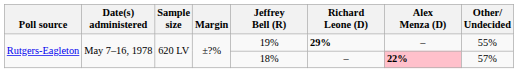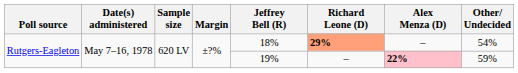 <table class="wikitable" style="font-size:90%">
 <tr valign=bottom>
 <th>Poll source</th>
 <th>Date(s)<br>administered</th>
 <th>Sample<br>size</th>
 <th>Margin<br></th>
 <th style="width:100px;">Jeffrey<br>Bell (R)</th>
 <th style="width:100px;">Richard<br>Leone (D)</th>
 <th style="width:100px;">Alex<br>Menza (D)</th>
 <th>Other/<br>Undecided</th>
 </tr>
 <tr>
 <td rowspan="3"><a href='#'>Rutgers-Eagleton</a></td>
 <td align=center rowspan="3">May 7–16, 1978</td>
 <td align=center rowspan="3">620 LV</td>
 <td align=center rowspan="3">±?%</td>
-<td align=center>19%</td>
-<td><strong>29%</strong></td>
+<td align=center>18%</td>
+<td style="background: lightsalmon;"><strong>29%</strong></td>
 <td align=center>–</td>
-<td align=center>55%</td>
+<td align=center>54%</td>
 </tr>
 <tr>
-<td align=center>18%</td>
+<td align=center>19%</td>
 <td align=center>–</td>
 <td style="background: pink;"><strong>22%</strong></td>
-<td align=center>57%</td>
+<td align=center>59%</td>
 </tr>
 </table>
